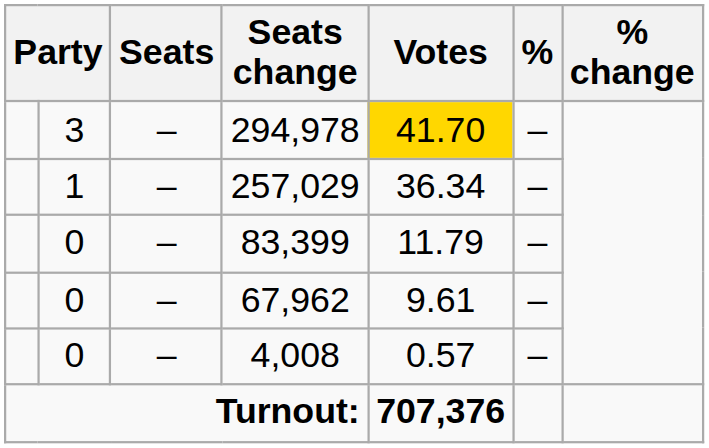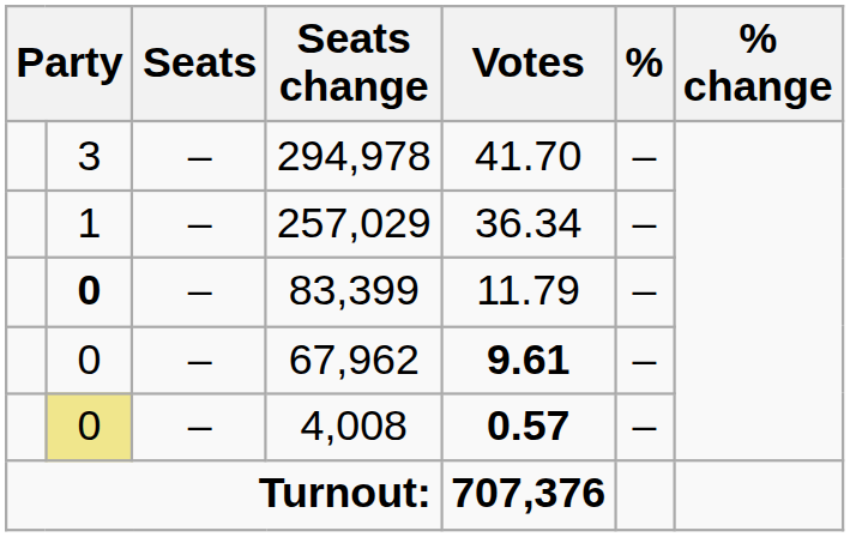 <table class="wikitable sortable">
 <tr>
 <th colspan="2" rowspan="1" align="center">Party</th>
 <th align="center">Seats</th>
 <th align="center">Seats<br>change</th>
 <th align="center">Votes</th>
 <th align="center">%</th>
 <th align="center">%<br>change</th>
 </tr>
 <tr>
 <td></td>
 <td align="center">3</td>
 <td align="center">–</td>
 <td align="center">294,978</td>
-<td align="center" style="background: gold;">41.70</td>
+<td align="center">41.70</td>
 <td align="center">–</td>
 </tr>
 <tr>
 <td></td>
 <td align="center">1</td>
 <td align="center">–</td>
 <td align="center">257,029</td>
 <td align="center">36.34</td>
 <td align="center">–</td>
 </tr>
 <tr>
 <td></td>
-<td align="center">0</td>
+<td align="center"><strong>0</strong></td>
 <td align="center">–</td>
 <td align="center">83,399</td>
 <td align="center">11.79</td>
 <td align="center">–</td>
 </tr>
 <tr>
 <td></td>
 <td align="center">0</td>
 <td align="center">–</td>
 <td align="center">67,962</td>
-<td align="center">9.61</td>
+<td align="center"><strong>9.61</strong></td>
 <td align="center">–</td>
 </tr>
 <tr>
 <td></td>
-<td align="center">0</td>
+<td align="center" style="background: khaki;">0</td>
 <td align="center">–</td>
 <td align="center">4,008</td>
-<td align="center">0.57</td>
+<td align="center"><strong>0.57</strong></td>
 <td align="center">–</td>
 </tr>
 <tr>
 <td colspan="4" rowspan="1" align="right"><strong>Turnout:</strong></td>
 <td align="center"><strong> 707,376</strong></td>
 <td align="center"></td>
 <td align="center"></td>
 </tr>
 </table>
